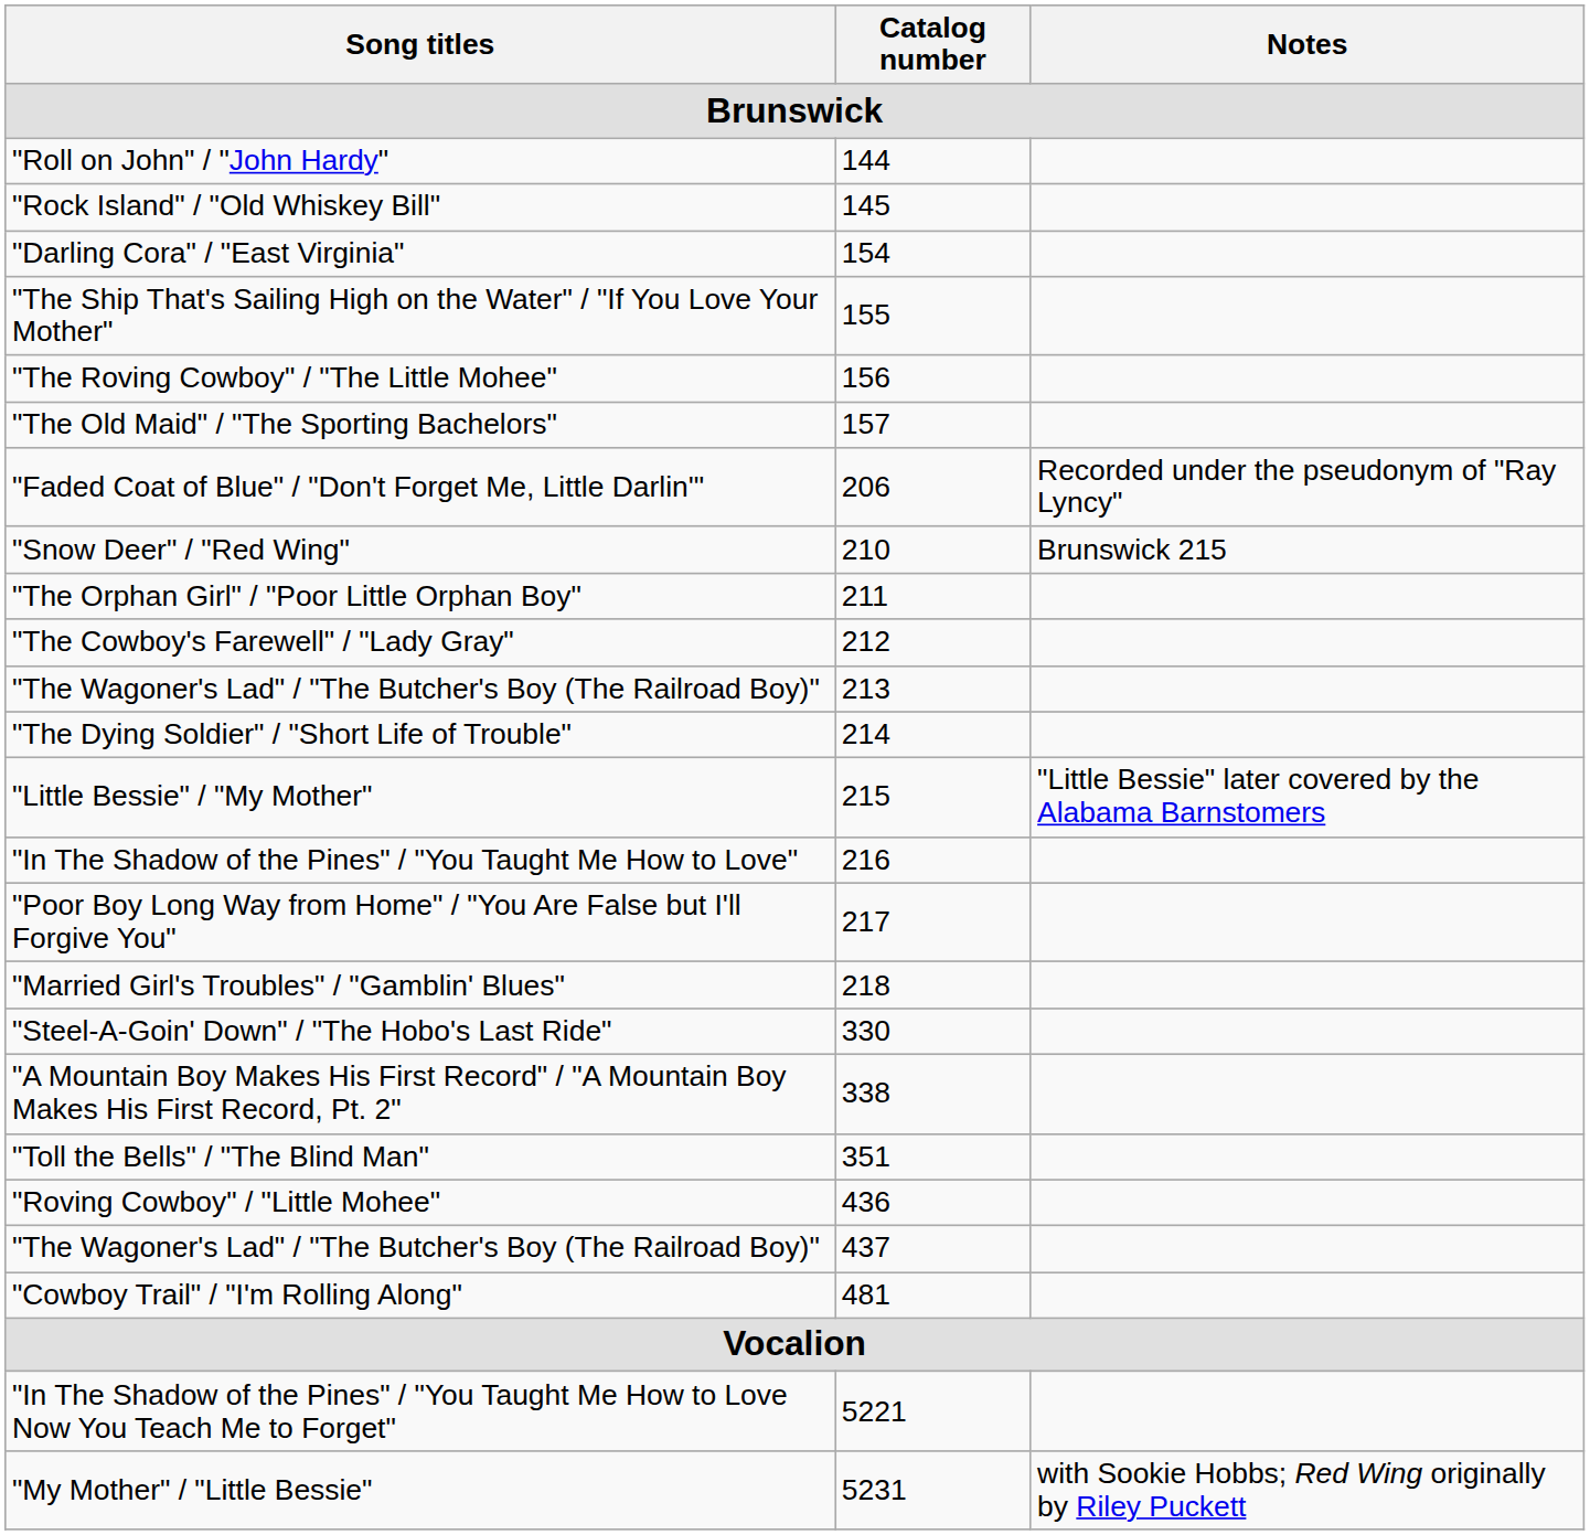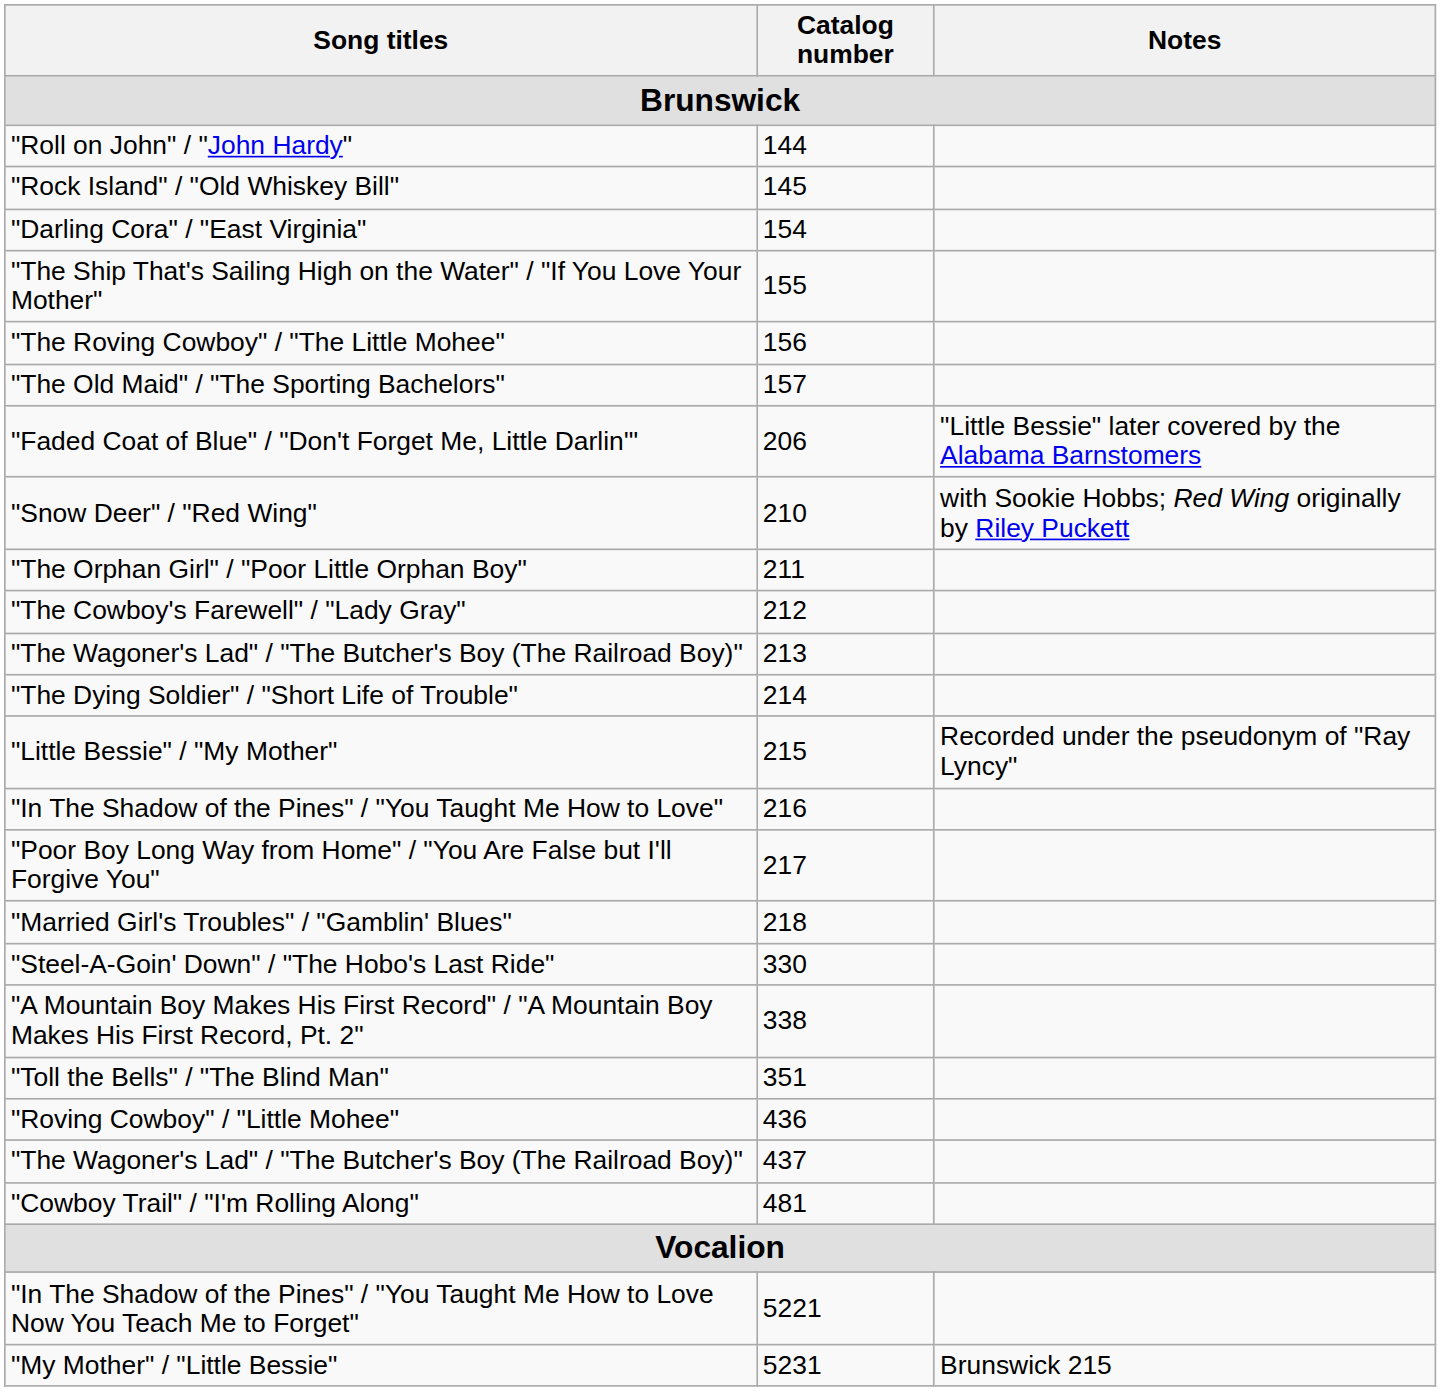 <table class="wikitable">
 <tr>
 <th>Song titles</th>
 <th>Catalog number</th>
 <th>Notes</th>
 </tr>
 <tr>
 <td bgcolor="#e0e0e0" colspan="3" align="center"><big><strong>Brunswick</strong></big></td>
 </tr>
 <tr>
 <td>"Roll on John" / "<a href='#'>John Hardy</a>"</td>
 <td>144</td>
 <td></td>
 </tr>
 <tr>
 <td>"Rock Island" / "Old Whiskey Bill"</td>
 <td>145</td>
 <td></td>
 </tr>
 <tr>
 <td>"Darling Cora" / "East Virginia"</td>
 <td>154</td>
 <td></td>
 </tr>
 <tr>
 <td>"The Ship That's Sailing High on the Water" / "If You Love Your Mother"</td>
 <td>155</td>
 <td></td>
 </tr>
 <tr>
 <td>"The Roving Cowboy" / "The Little Mohee"</td>
 <td>156</td>
 <td></td>
 </tr>
 <tr>
 <td>"The Old Maid" / "The Sporting Bachelors"</td>
 <td>157</td>
 <td></td>
 </tr>
 <tr>
 <td>"Faded Coat of Blue" / "Don't Forget Me, Little Darlin'"</td>
 <td>206</td>
-<td>Recorded under the pseudonym of "Ray Lyncy"</td>
+<td>"Little Bessie" later covered by the <a href='#'>Alabama Barnstomers</a></td>
 </tr>
 <tr>
 <td>"Snow Deer" / "Red Wing"</td>
 <td>210</td>
-<td>Brunswick 215</td>
+<td>with Sookie Hobbs; <em>Red Wing</em> originally by <a href='#'>Riley Puckett</a></td>
 </tr>
 <tr>
 <td>"The Orphan Girl" / "Poor Little Orphan Boy"</td>
 <td>211</td>
 <td></td>
 </tr>
 <tr>
 <td>"The Cowboy's Farewell" / "Lady Gray"</td>
 <td>212</td>
 <td></td>
 </tr>
 <tr>
 <td>"The Wagoner's Lad" / "The Butcher's Boy (The Railroad Boy)"</td>
 <td>213</td>
 <td></td>
 </tr>
 <tr>
 <td>"The Dying Soldier" / "Short Life of Trouble"</td>
 <td>214</td>
 <td></td>
 </tr>
 <tr>
 <td>"Little Bessie" / "My Mother"</td>
 <td>215</td>
-<td>"Little Bessie" later covered by the <a href='#'>Alabama Barnstomers</a></td>
+<td>Recorded under the pseudonym of "Ray Lyncy"</td>
 </tr>
 <tr>
 <td>"In The Shadow of the Pines" / "You Taught Me How to Love"</td>
 <td>216</td>
 <td></td>
 </tr>
 <tr>
 <td>"Poor Boy Long Way from Home" / "You Are False but I'll Forgive You"</td>
 <td>217</td>
 <td></td>
 </tr>
 <tr>
 <td>"Married Girl's Troubles" / "Gamblin' Blues"</td>
 <td>218</td>
 <td></td>
 </tr>
 <tr>
 <td>"Steel-A-Goin' Down" / "The Hobo's Last Ride"</td>
 <td>330</td>
 <td></td>
 </tr>
 <tr>
 <td>"A Mountain Boy Makes His First Record" / "A Mountain Boy Makes His First Record, Pt. 2"</td>
 <td>338</td>
 <td></td>
 </tr>
 <tr>
 <td>"Toll the Bells" / "The Blind Man"</td>
 <td>351</td>
 <td></td>
 </tr>
 <tr>
 <td>"Roving Cowboy" / "Little Mohee"</td>
 <td>436</td>
 <td></td>
 </tr>
 <tr>
 <td>"The Wagoner's Lad" / "The Butcher's Boy (The Railroad Boy)"</td>
 <td>437</td>
 <td></td>
 </tr>
 <tr>
 <td>"Cowboy Trail" / "I'm Rolling Along"</td>
 <td>481</td>
 <td></td>
 </tr>
 <tr>
 <td bgcolor='#E0E0E0' colspan='4' align='center'><big><strong>Vocalion</strong></big></td>
 </tr>
 <tr>
 <td>"In The Shadow of the Pines" / "You Taught Me How to Love Now You Teach Me to Forget"</td>
 <td>5221</td>
 <td></td>
 </tr>
 <tr>
 <td>"My Mother" / "Little Bessie"</td>
 <td>5231</td>
-<td>with Sookie Hobbs; <em>Red Wing</em> originally by <a href='#'>Riley Puckett</a></td>
+<td>Brunswick 215</td>
 </tr>
 </table>
